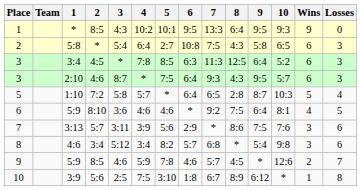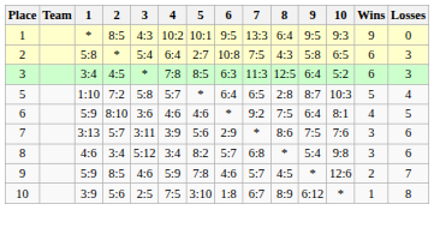 <table class="wikitable" style="text-align:center;">
 <tr>
 <th>Place</th>
 <th>Team</th>
 <th width="25">1</th>
 <th width="25">2</th>
 <th width="25">3</th>
 <th width="25">4</th>
 <th width="25">5</th>
 <th width="25">6</th>
 <th width="25">7</th>
 <th width="25">8</th>
 <th width="25">9</th>
 <th width="25">10</th>
 <th>Wins</th>
 <th>Losses</th>
 </tr>
 <tr bgcolor=#ffc>
 <td>1</td>
 <td align="left"></td>
 <td>*</td>
 <td>8:5</td>
 <td>4:3</td>
 <td>10:2</td>
 <td>10:1</td>
 <td>9:5</td>
 <td>13:3</td>
 <td>6:4</td>
 <td>9:5</td>
 <td>9:3</td>
 <td>9</td>
 <td>0</td>
 </tr>
 <tr bgcolor=#ffc>
 <td>2</td>
 <td align="left"></td>
 <td>5:8</td>
 <td>*</td>
 <td>5:4</td>
 <td>6:4</td>
 <td>2:7</td>
 <td>10:8</td>
 <td>7:5</td>
 <td>4:3</td>
 <td>5:8</td>
 <td>6:5</td>
 <td>6</td>
 <td>3</td>
 </tr>
 <tr bgcolor=#cfc>
 <td>3</td>
 <td align="left"></td>
 <td>3:4</td>
 <td>4:5</td>
 <td>*</td>
 <td>7:8</td>
 <td>8:5</td>
 <td>6:3</td>
 <td>11:3</td>
 <td>12:5</td>
 <td>6:4</td>
 <td>5:2</td>
-<td>6</td>
-<td>3</td>
-</tr>
-<tr bgcolor=#cfc>
-<td>3</td>
-<td align="left"></td>
-<td>2:10</td>
-<td>4:6</td>
-<td>8:7</td>
-<td>*</td>
-<td>7:5</td>
-<td>6:4</td>
-<td>9:3</td>
-<td>4:3</td>
-<td>9:5</td>
-<td>5:7</td>
 <td>6</td>
 <td>3</td>
 </tr>
 <tr>
 <td>5</td>
 <td align="left"></td>
 <td>1:10</td>
 <td>7:2</td>
 <td>5:8</td>
 <td>5:7</td>
 <td>*</td>
 <td>6:4</td>
 <td>6:5</td>
 <td>2:8</td>
 <td>8:7</td>
 <td>10:3</td>
 <td>5</td>
 <td>4</td>
 </tr>
 <tr>
 <td>6</td>
 <td align="left"></td>
 <td>5:9</td>
 <td>8:10</td>
 <td>3:6</td>
 <td>4:6</td>
 <td>4:6</td>
 <td>*</td>
 <td>9:2</td>
 <td>7:5</td>
 <td>6:4</td>
 <td>8:1</td>
 <td>4</td>
 <td>5</td>
 </tr>
 <tr>
 <td>7</td>
 <td align="left"></td>
 <td>3:13</td>
 <td>5:7</td>
 <td>3:11</td>
 <td>3:9</td>
 <td>5:6</td>
 <td>2:9</td>
 <td>*</td>
 <td>8:6</td>
 <td>7:5</td>
 <td>7:6</td>
 <td>3</td>
 <td>6</td>
 </tr>
 <tr>
 <td>8</td>
 <td align="left"></td>
 <td>4:6</td>
 <td>3:4</td>
 <td>5:12</td>
 <td>3:4</td>
 <td>8:2</td>
 <td>5:7</td>
 <td>6:8</td>
 <td>*</td>
 <td>5:4</td>
 <td>9:8</td>
 <td>3</td>
 <td>6</td>
 </tr>
 <tr>
 <td>9</td>
 <td align="left"></td>
 <td>5:9</td>
 <td>8:5</td>
 <td>4:6</td>
 <td>5:9</td>
 <td>7:8</td>
 <td>4:6</td>
 <td>5:7</td>
 <td>4:5</td>
 <td>*</td>
 <td>12:6</td>
 <td>2</td>
 <td>7</td>
 </tr>
 <tr>
 <td>10</td>
 <td align="left"></td>
 <td>3:9</td>
 <td>5:6</td>
 <td>2:5</td>
 <td>7:5</td>
 <td>3:10</td>
 <td>1:8</td>
 <td>6:7</td>
 <td>8:9</td>
 <td>6:12</td>
 <td>*</td>
 <td>1</td>
 <td>8</td>
 </tr>
 </table>
